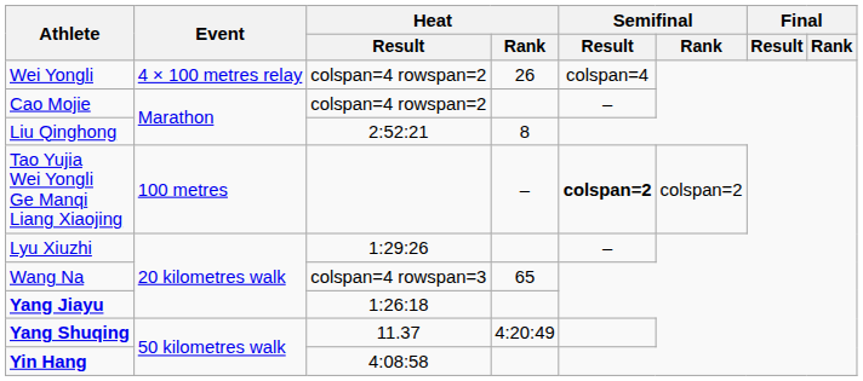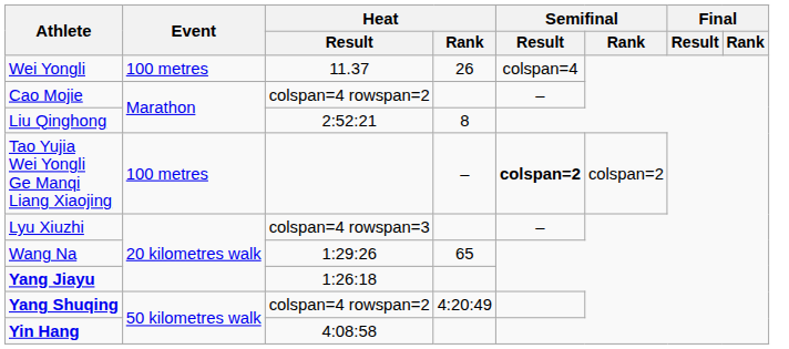 <table class="wikitable" style="font-size:90%">
 <tr>
 <th rowspan="2">Athlete</th>
 <th rowspan="2">Event</th>
 <th colspan="2">Heat</th>
 <th colspan="2">Semifinal</th>
 <th colspan="2">Final</th>
 </tr>
 <tr style="font-size:95%">
 <th>Result</th>
 <th>Rank</th>
 <th>Result</th>
 <th>Rank</th>
 <th>Result</th>
 <th>Rank</th>
 </tr>
 <tr style=text-align:center>
 <td style=text-align:left><a href='#'>Wei Yongli</a></td>
-<td style=text-align:left><a href='#'>4 × 100 metres relay</a></td>
-<td>colspan=4 rowspan=2 </td>
+<td style=text-align:left><a href='#'>100 metres</a></td>
+<td>11.37</td>
 <td>26</td>
 <td>colspan=4 </td>
 </tr>
 <tr style=text-align:center>
 <td style=text-align:left><a href='#'>Cao Mojie</a></td>
 <td style=text-align:left rowspan=2><a href='#'>Marathon</a></td>
 <td>colspan=4 rowspan=2 </td>
 <td></td>
 <td>–</td>
 </tr>
 <tr style=text-align:center>
 <td style=text-align:left><a href='#'>Liu Qinghong</a></td>
 <td>2:52:21 <strong></strong></td>
 <td>8</td>
 </tr>
 <tr style=text-align:center>
 <td style=text-align:left><a href='#'>Tao Yujia</a><br><a href='#'>Wei Yongli</a><br><a href='#'>Ge Manqi</a><br><a href='#'>Liang Xiaojing</a></td>
 <td style=text-align:left><a href='#'>100 metres</a></td>
 <td></td>
 <td>–</td>
 <td><strong>colspan=2 </strong></td>
 <td>colspan=2 </td>
 </tr>
 <tr style=text-align:center>
 <td style=text-align:left><a href='#'>Lyu Xiuzhi</a></td>
 <td style=text-align:left rowspan=3><a href='#'>20 kilometres walk</a></td>
-<td>1:29:26</td>
+<td>colspan=4 rowspan=3 </td>
 <td></td>
 <td>–</td>
 </tr>
 <tr style=text-align:center>
 <td style=text-align:left><a href='#'>Wang Na</a></td>
-<td>colspan=4 rowspan=3 </td>
+<td>1:29:26</td>
 <td>65</td>
 </tr>
 <tr style=text-align:center>
 <td style=text-align:left><strong><a href='#'>Yang Jiayu</a></strong></td>
 <td>1:26:18 <strong></strong></td>
 <td></td>
 </tr>
 <tr style=text-align:center>
 <td style=text-align:left><strong><a href='#'>Yang Shuqing</a></strong></td>
 <td style=text-align:left rowspan=2><a href='#'>50 kilometres walk</a></td>
-<td>11.37</td>
+<td>colspan=4 rowspan=2 </td>
 <td>4:20:49 <strong></strong></td>
 <td></td>
 </tr>
 <tr style=text-align:center>
 <td style=text-align:left><strong><a href='#'>Yin Hang</a></strong></td>
 <td>4:08:58 <strong></strong></td>
 <td></td>
 </tr>
 </table>
